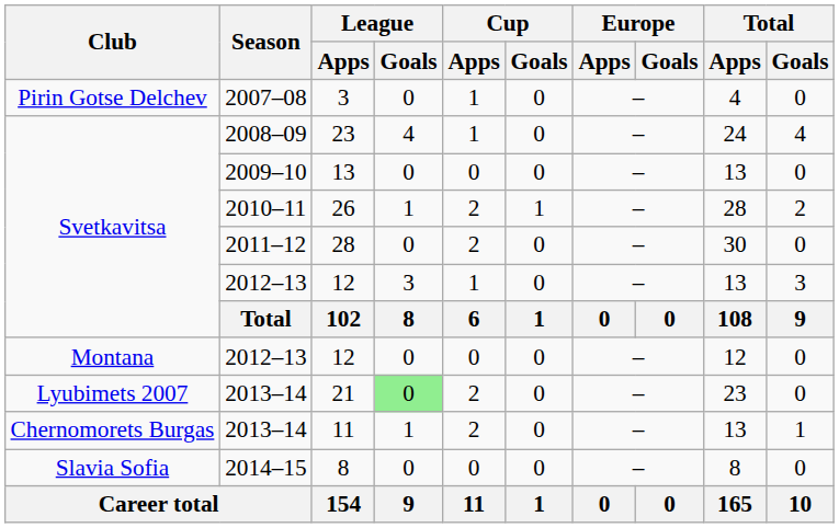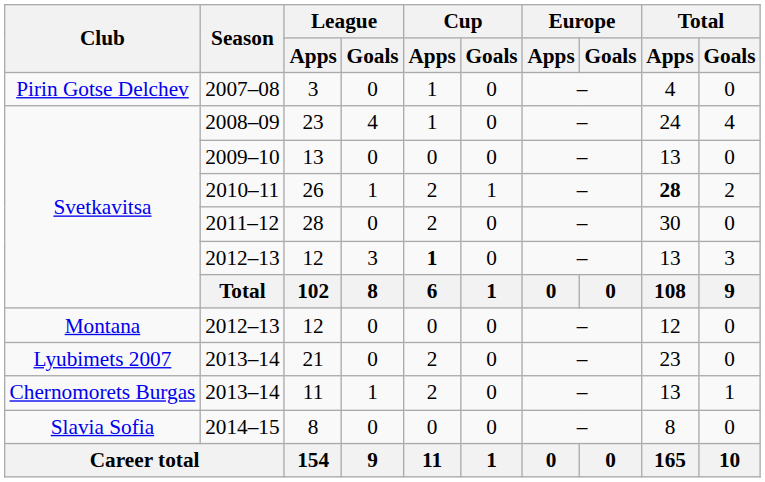 <table class="wikitable" style="text-align:center">
 <tr>
 <th rowspan="2">Club</th>
 <th rowspan="2">Season</th>
 <th colspan="2">League</th>
 <th colspan="2">Cup</th>
 <th colspan="2">Europe</th>
 <th colspan="2">Total</th>
 </tr>
 <tr>
 <th>Apps</th>
 <th>Goals</th>
 <th>Apps</th>
 <th>Goals</th>
 <th>Apps</th>
 <th>Goals</th>
 <th>Apps</th>
 <th>Goals</th>
 </tr>
 <tr>
 <td><a href='#'>Pirin Gotse Delchev</a></td>
 <td>2007–08</td>
 <td>3</td>
 <td>0</td>
 <td>1</td>
 <td>0</td>
 <td colspan="2">–</td>
 <td>4</td>
 <td>0</td>
 </tr>
 <tr>
 <td rowspan="6"><a href='#'>Svetkavitsa</a></td>
 <td>2008–09</td>
 <td>23</td>
 <td>4</td>
 <td>1</td>
 <td>0</td>
 <td colspan="2">–</td>
 <td>24</td>
 <td>4</td>
 </tr>
 <tr>
 <td>2009–10</td>
 <td>13</td>
 <td>0</td>
 <td>0</td>
 <td>0</td>
 <td colspan="2">–</td>
 <td>13</td>
 <td>0</td>
 </tr>
 <tr>
 <td>2010–11</td>
 <td>26</td>
 <td>1</td>
 <td>2</td>
 <td>1</td>
 <td colspan="2">–</td>
-<td>28</td>
+<td><strong>28</strong></td>
 <td>2</td>
 </tr>
 <tr>
 <td>2011–12</td>
 <td>28</td>
 <td>0</td>
 <td>2</td>
 <td>0</td>
 <td colspan="2">–</td>
 <td>30</td>
 <td>0</td>
 </tr>
 <tr>
 <td>2012–13</td>
 <td>12</td>
 <td>3</td>
-<td>1</td>
+<td><strong>1</strong></td>
 <td>0</td>
 <td colspan="2">–</td>
 <td>13</td>
 <td>3</td>
 </tr>
 <tr>
 <th colspan="1">Total</th>
 <th>102</th>
 <th>8</th>
 <th>6</th>
 <th>1</th>
 <th>0</th>
 <th>0</th>
 <th>108</th>
 <th>9</th>
 </tr>
 <tr>
 <td><a href='#'>Montana</a></td>
 <td>2012–13</td>
 <td>12</td>
 <td>0</td>
 <td>0</td>
 <td>0</td>
 <td colspan="2">–</td>
 <td>12</td>
 <td>0</td>
 </tr>
 <tr>
 <td><a href='#'>Lyubimets 2007</a></td>
 <td>2013–14</td>
 <td>21</td>
-<td style="background: lightgreen;">0</td>
+<td>0</td>
 <td>2</td>
 <td>0</td>
 <td colspan="2">–</td>
 <td>23</td>
 <td>0</td>
 </tr>
 <tr>
 <td><a href='#'>Chernomorets Burgas</a></td>
 <td>2013–14</td>
 <td>11</td>
 <td>1</td>
 <td>2</td>
 <td>0</td>
 <td colspan="2">–</td>
 <td>13</td>
 <td>1</td>
 </tr>
 <tr>
 <td><a href='#'>Slavia Sofia</a></td>
 <td>2014–15</td>
 <td>8</td>
 <td>0</td>
 <td>0</td>
 <td>0</td>
 <td colspan="2">–</td>
 <td>8</td>
 <td>0</td>
 </tr>
 <tr>
 <th colspan="2">Career total</th>
 <th>154</th>
 <th>9</th>
 <th>11</th>
 <th>1</th>
 <th>0</th>
 <th>0</th>
 <th>165</th>
 <th>10</th>
 </tr>
 </table>
